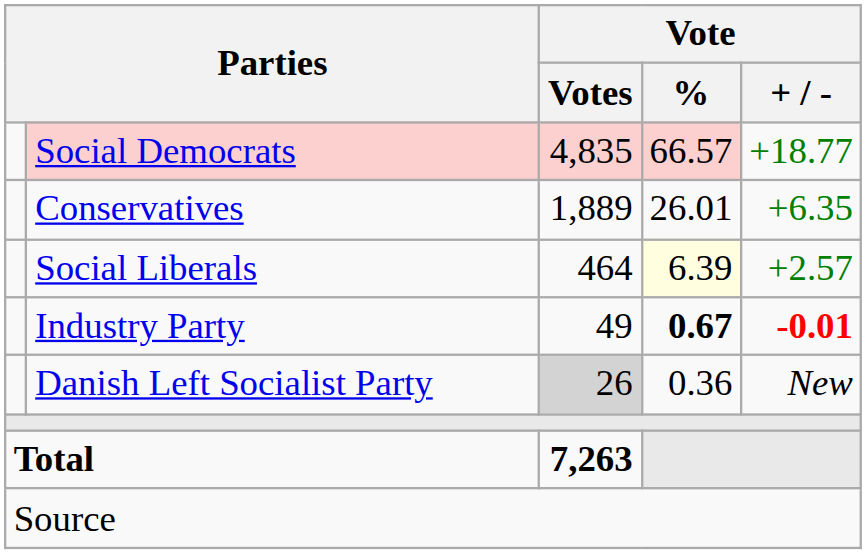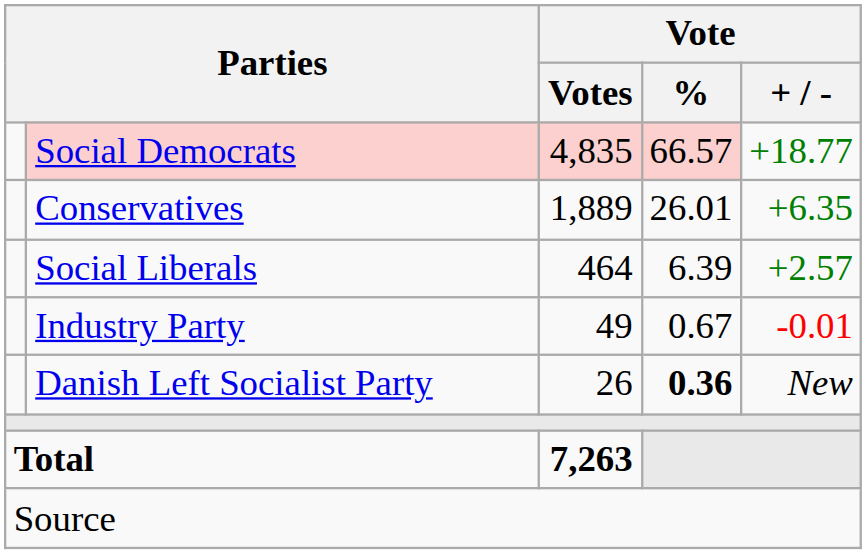 <table class="wikitable" style="text-align:right;">
 <tr>
 <th style="text-align:centre;" rowspan="2" colspan="2" width="225">Parties</th>
 <th colspan="3">Vote</th>
 </tr>
 <tr>
 <th width="15">Votes</th>
 <th width="15">%</th>
 <th width="15">+ / -</th>
 </tr>
 <tr>
 <td width="2" style="color:inherit;background:"></td>
 <td bgcolor=#fbd0ce  align="left"><a href='#'>Social Democrats</a></td>
 <td bgcolor=#fbd0ce>4,835</td>
 <td bgcolor=#fbd0ce>66.57</td>
 <td style=color:green;>+18.77</td>
 </tr>
 <tr>
 <td width="2" style="color:inherit;background:"></td>
 <td align="left"><a href='#'>Conservatives</a></td>
 <td>1,889</td>
 <td>26.01</td>
 <td style=color:green;>+6.35</td>
 </tr>
 <tr>
 <td width="2" style="color:inherit;background:"></td>
 <td align="left"><a href='#'>Social Liberals</a></td>
 <td>464</td>
-<td style="background: lightyellow;">6.39</td>
+<td>6.39</td>
 <td style=color:green;>+2.57</td>
 </tr>
 <tr>
 <td width="2" style="color:inherit;background:"></td>
 <td align="left"><a href='#'>Industry Party</a></td>
 <td>49</td>
-<td><strong>0.67</strong></td>
-<td style=color:red;><strong>-0.01</strong></td>
+<td>0.67</td>
+<td style=color:red;>-0.01</td>
 </tr>
 <tr>
 <td width="2" style="color:inherit;background:"></td>
 <td align="left"><a href='#'>Danish Left Socialist Party</a></td>
-<td style="background: lightgrey;">26</td>
-<td>0.36</td>
+<td>26</td>
+<td><strong>0.36</strong></td>
 <td><em>New</em></td>
 </tr>
 <tr>
 <td colspan="7" bgcolor="#E9E9E9"></td>
 </tr>
 <tr>
 <td align="left" colspan="2"><strong>Total</strong></td>
 <td><strong>7,263</strong></td>
 <td bgcolor="#E9E9E9" colspan="2"></td>
 </tr>
 <tr>
 <td align="left" colspan="6">Source</td>
 </tr>
 </table>
